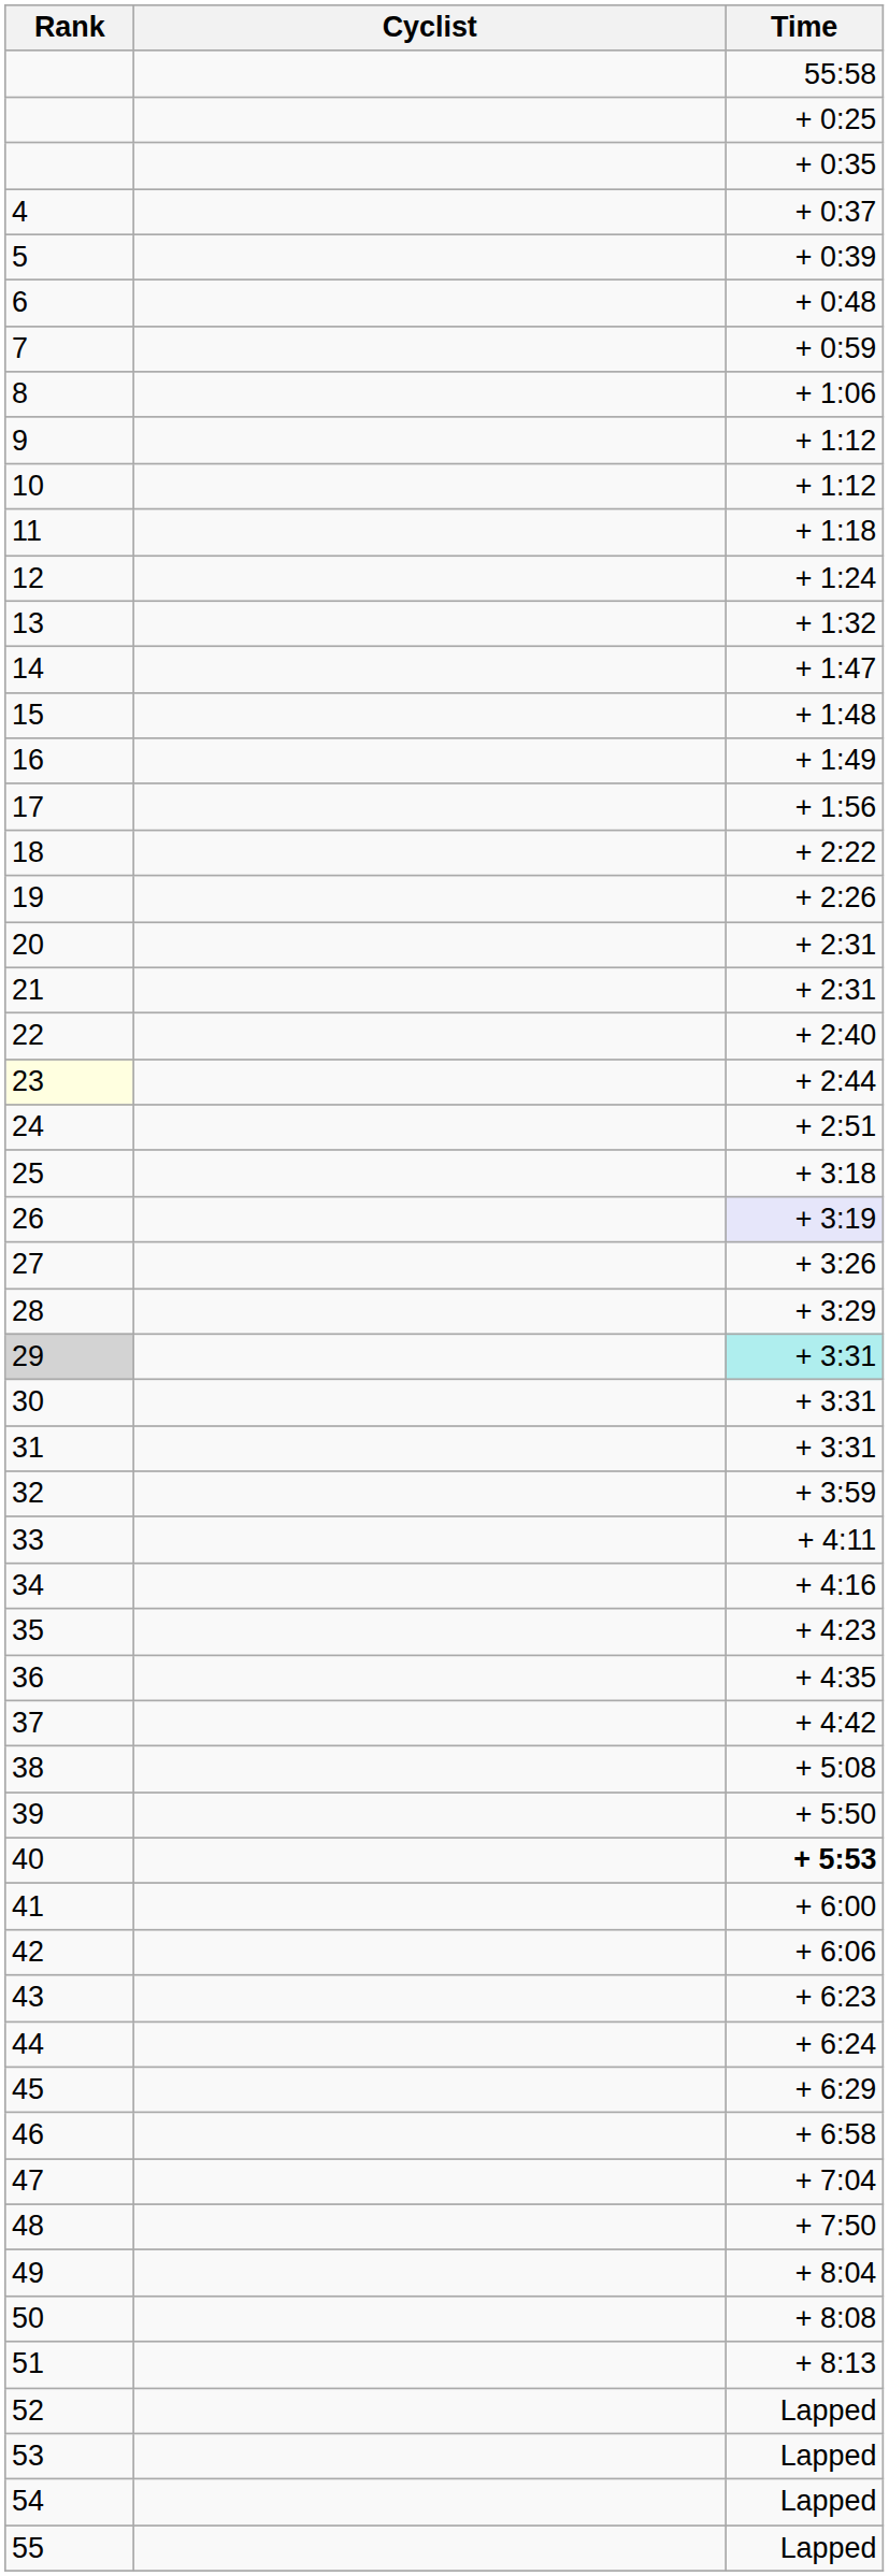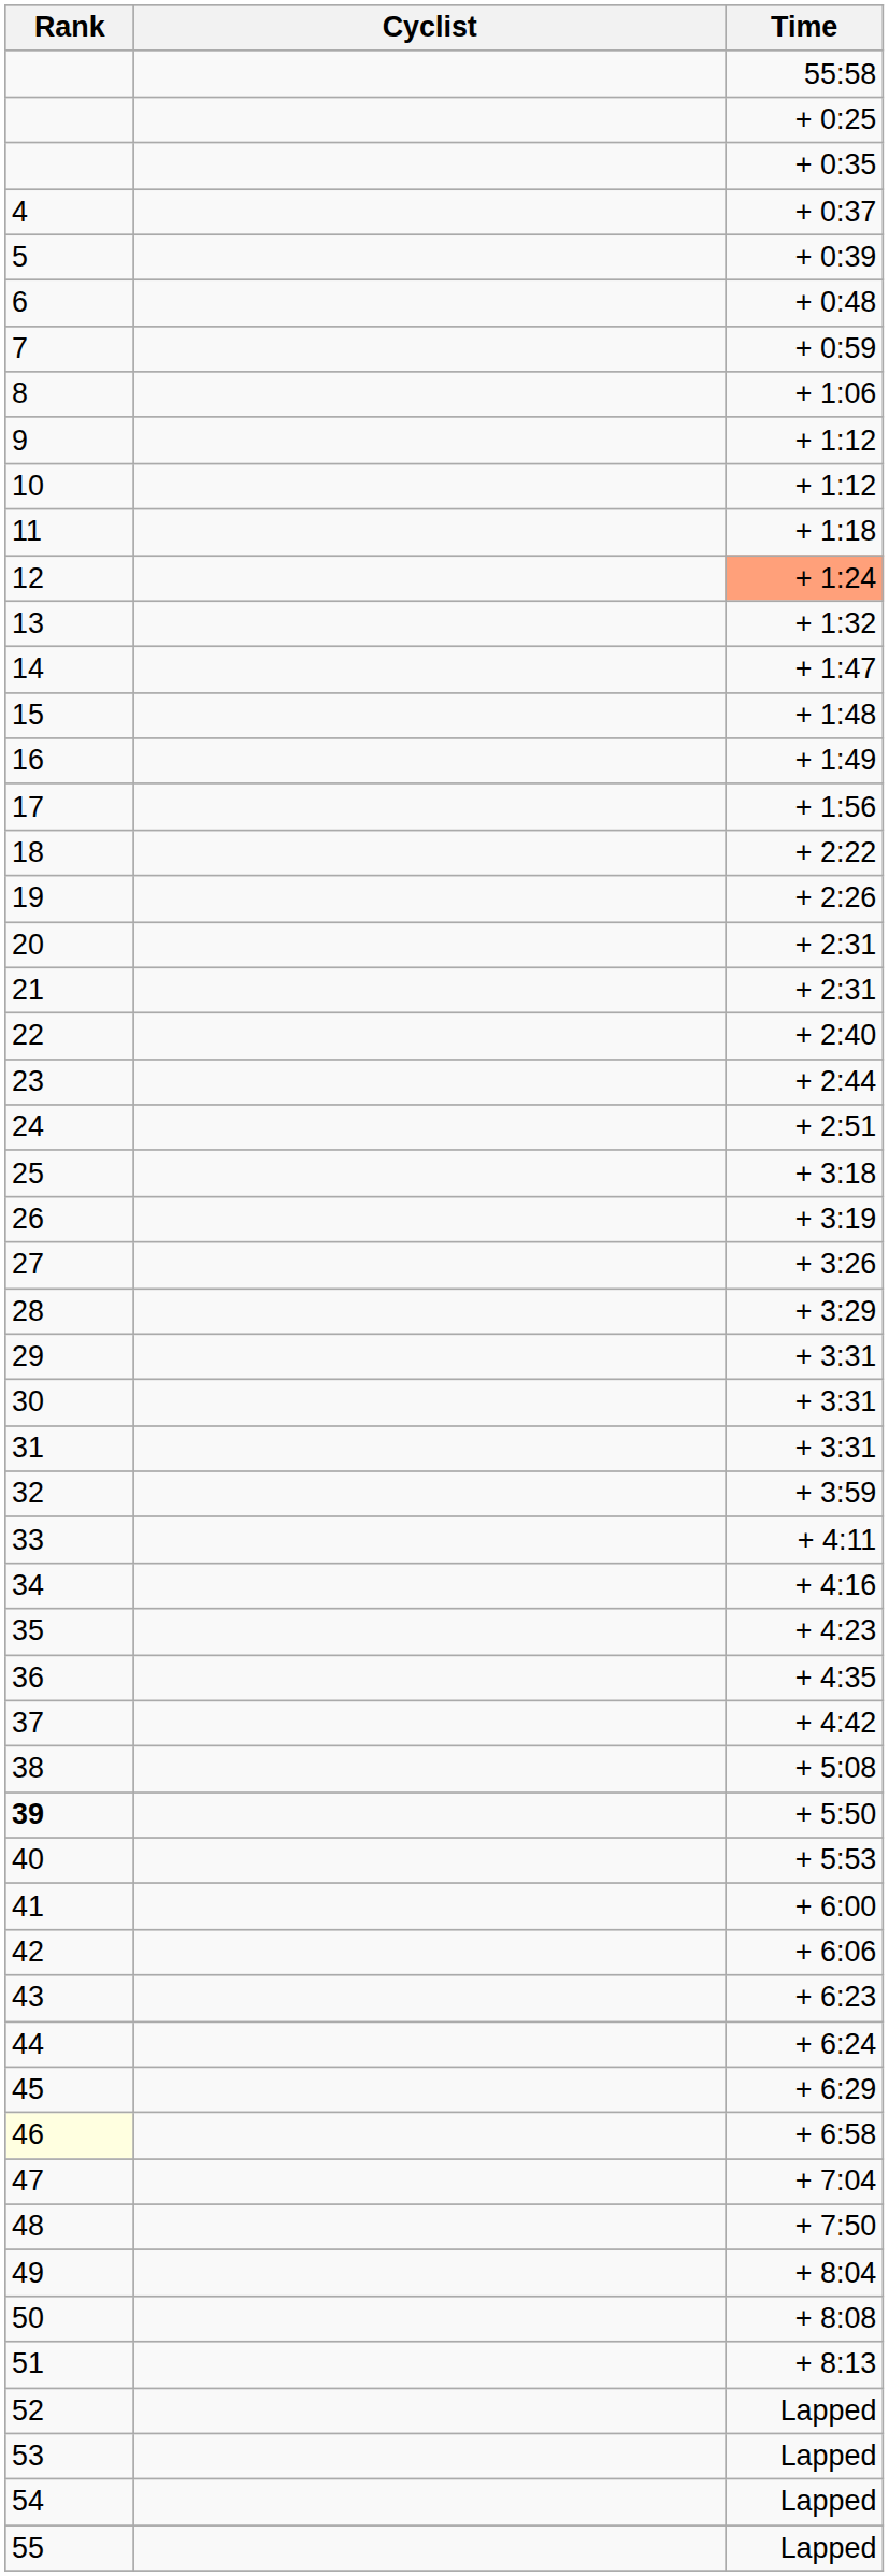 <table class="wikitable">
 <tr>
 <th style="width: 4em;">Rank</th>
 <th style="width: 20em;">Cyclist</th>
 <th style="width: 5em;">Time</th>
 </tr>
 <tr>
 <td></td>
 <td></td>
 <td align="right">55:58</td>
 </tr>
 <tr>
 <td></td>
 <td></td>
 <td align="right">+ 0:25</td>
 </tr>
 <tr>
 <td></td>
 <td></td>
 <td align="right">+ 0:35</td>
 </tr>
 <tr>
 <td>4</td>
 <td></td>
 <td align="right">+ 0:37</td>
 </tr>
 <tr>
 <td>5</td>
 <td></td>
 <td align="right">+ 0:39</td>
 </tr>
 <tr>
 <td>6</td>
 <td></td>
 <td align="right">+ 0:48</td>
 </tr>
 <tr>
 <td>7</td>
 <td></td>
 <td align="right">+ 0:59</td>
 </tr>
 <tr>
 <td>8</td>
 <td></td>
 <td align="right">+ 1:06</td>
 </tr>
 <tr>
 <td>9</td>
 <td></td>
 <td align="right">+ 1:12</td>
 </tr>
 <tr>
 <td>10</td>
 <td></td>
 <td align="right">+ 1:12</td>
 </tr>
 <tr>
 <td>11</td>
 <td></td>
 <td align="right">+ 1:18</td>
 </tr>
 <tr>
 <td>12</td>
 <td></td>
-<td align="right">+ 1:24</td>
+<td align="right" style="background: lightsalmon;">+ 1:24</td>
 </tr>
 <tr>
 <td>13</td>
 <td></td>
 <td align="right">+ 1:32</td>
 </tr>
 <tr>
 <td>14</td>
 <td></td>
 <td align="right">+ 1:47</td>
 </tr>
 <tr>
 <td>15</td>
 <td></td>
 <td align="right">+ 1:48</td>
 </tr>
 <tr>
 <td>16</td>
 <td></td>
 <td align="right">+ 1:49</td>
 </tr>
 <tr>
 <td>17</td>
 <td></td>
 <td align="right">+ 1:56</td>
 </tr>
 <tr>
 <td>18</td>
 <td></td>
 <td align="right">+ 2:22</td>
 </tr>
 <tr>
 <td>19</td>
 <td></td>
 <td align="right">+ 2:26</td>
 </tr>
 <tr>
 <td>20</td>
 <td></td>
 <td align="right">+ 2:31</td>
 </tr>
 <tr>
 <td>21</td>
 <td></td>
 <td align="right">+ 2:31</td>
 </tr>
 <tr>
 <td>22</td>
 <td></td>
 <td align="right">+ 2:40</td>
 </tr>
 <tr>
-<td style="background: lightyellow;">23</td>
+<td>23</td>
 <td></td>
 <td align="right">+ 2:44</td>
 </tr>
 <tr>
 <td>24</td>
 <td></td>
 <td align="right">+ 2:51</td>
 </tr>
 <tr>
 <td>25</td>
 <td></td>
 <td align="right">+ 3:18</td>
 </tr>
 <tr>
 <td>26</td>
 <td></td>
-<td align="right" style="background: lavender;">+ 3:19</td>
+<td align="right">+ 3:19</td>
 </tr>
 <tr>
 <td>27</td>
 <td></td>
 <td align="right">+ 3:26</td>
 </tr>
 <tr>
 <td>28</td>
 <td></td>
 <td align="right">+ 3:29</td>
 </tr>
 <tr>
-<td style="background: lightgrey;">29</td>
+<td>29</td>
 <td></td>
-<td align="right" style="background: paleturquoise;">+ 3:31</td>
+<td align="right">+ 3:31</td>
 </tr>
 <tr>
 <td>30</td>
 <td></td>
 <td align="right">+ 3:31</td>
 </tr>
 <tr>
 <td>31</td>
 <td></td>
 <td align="right">+ 3:31</td>
 </tr>
 <tr>
 <td>32</td>
 <td></td>
 <td align="right">+ 3:59</td>
 </tr>
 <tr>
 <td>33</td>
 <td></td>
 <td align="right">+ 4:11</td>
 </tr>
 <tr>
 <td>34</td>
 <td></td>
 <td align="right">+ 4:16</td>
 </tr>
 <tr>
 <td>35</td>
 <td></td>
 <td align="right">+ 4:23</td>
 </tr>
 <tr>
 <td>36</td>
 <td></td>
 <td align="right">+ 4:35</td>
 </tr>
 <tr>
 <td>37</td>
 <td></td>
 <td align="right">+ 4:42</td>
 </tr>
 <tr>
 <td>38</td>
 <td></td>
 <td align="right">+ 5:08</td>
 </tr>
 <tr>
-<td>39</td>
+<td><strong>39</strong></td>
 <td></td>
 <td align="right">+ 5:50</td>
 </tr>
 <tr>
 <td>40</td>
 <td></td>
-<td align="right"><strong>+ 5:53</strong></td>
+<td align="right">+ 5:53</td>
 </tr>
 <tr>
 <td>41</td>
 <td></td>
 <td align="right">+ 6:00</td>
 </tr>
 <tr>
 <td>42</td>
 <td></td>
 <td align="right">+ 6:06</td>
 </tr>
 <tr>
 <td>43</td>
 <td></td>
 <td align="right">+ 6:23</td>
 </tr>
 <tr>
 <td>44</td>
 <td></td>
 <td align="right">+ 6:24</td>
 </tr>
 <tr>
 <td>45</td>
 <td></td>
 <td align="right">+ 6:29</td>
 </tr>
 <tr>
-<td>46</td>
+<td style="background: lightyellow;">46</td>
 <td></td>
 <td align="right">+ 6:58</td>
 </tr>
 <tr>
 <td>47</td>
 <td></td>
 <td align="right">+ 7:04</td>
 </tr>
 <tr>
 <td>48</td>
 <td></td>
 <td align="right">+ 7:50</td>
 </tr>
 <tr>
 <td>49</td>
 <td></td>
 <td align="right">+ 8:04</td>
 </tr>
 <tr>
 <td>50</td>
 <td></td>
 <td align="right">+ 8:08</td>
 </tr>
 <tr>
 <td>51</td>
 <td></td>
 <td align="right">+ 8:13</td>
 </tr>
 <tr>
 <td>52</td>
 <td></td>
 <td align="right">Lapped</td>
 </tr>
 <tr>
 <td>53</td>
 <td></td>
 <td align="right">Lapped</td>
 </tr>
 <tr>
 <td>54</td>
 <td></td>
 <td align="right">Lapped</td>
 </tr>
 <tr>
 <td>55</td>
 <td></td>
 <td align="right">Lapped</td>
 </tr>
 </table>
